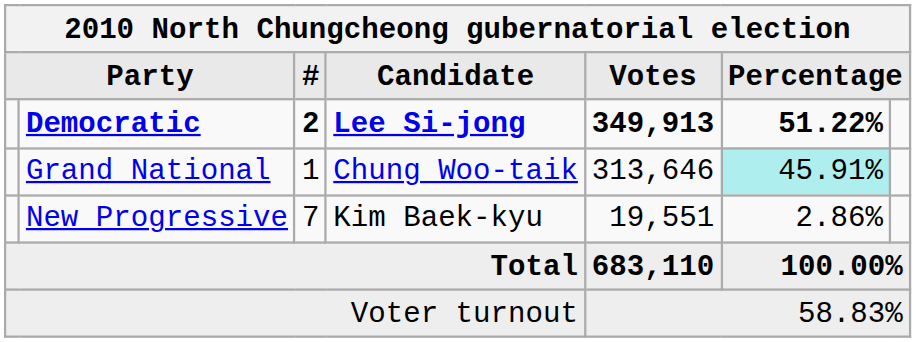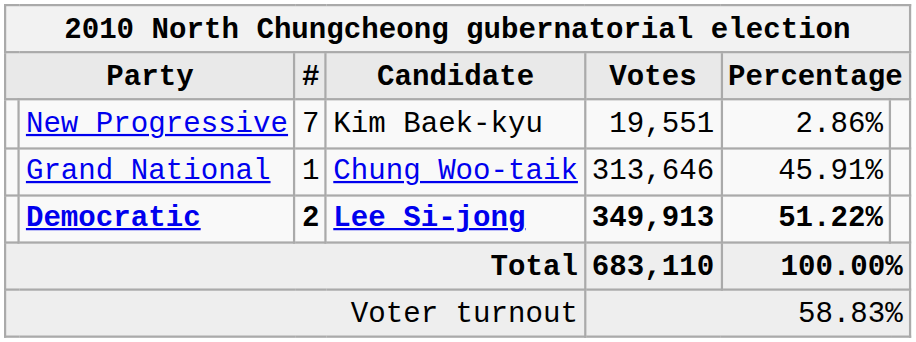 <table class="wikitable">
 <tr>
 <th colspan="7">2010 North Chungcheong gubernatorial election</th>
 </tr>
 <tr>
 <th style="background-color:#E9E9E9" colspan=2>Party</th>
 <th style="background-color:#E9E9E9">#</th>
 <th style="background-color:#E9E9E9">Candidate</th>
 <th style="background-color:#E9E9E9">Votes</th>
 <th style="background-color:#E9E9E9" colspan=2>Percentage</th>
 </tr>
-<tr style="font-weight:bold">
+<tr>
 <td></td>
-<td align=left><a href='#'>Democratic</a></td>
-<td align=center>2</td>
-<td align=left><a href='#'>Lee Si-jong</a></td>
-<td align=right>349,913</td>
-<td align=right>51.22%</td>
+<td align=left><a href='#'>New Progressive</a></td>
+<td align=center>7</td>
+<td align=left>Kim Baek-kyu</td>
+<td align=right>19,551</td>
+<td align=right>2.86%</td>
 <td align=right></td>
 </tr>
 <tr>
 <td></td>
 <td align=left><a href='#'>Grand National</a></td>
 <td align=center>1</td>
 <td align=left><a href='#'>Chung Woo-taik</a></td>
 <td align=right>313,646</td>
-<td align=right style="background: paleturquoise;">45.91%</td>
+<td align=right>45.91%</td>
 <td align=right></td>
 </tr>
-<tr>
+<tr style="font-weight:bold">
 <td></td>
-<td align=left><a href='#'>New Progressive</a></td>
-<td align=center>7</td>
-<td align=left>Kim Baek-kyu</td>
-<td align=right>19,551</td>
-<td align=right>2.86%</td>
+<td align=left><a href='#'>Democratic</a></td>
+<td align=center>2</td>
+<td align=left><a href='#'>Lee Si-jong</a></td>
+<td align=right>349,913</td>
+<td align=right>51.22%</td>
 <td align=right></td>
 </tr>
 <tr bgcolor="#EEEEEE" style="font-weight:bold">
 <td colspan="4" align=right>Total</td>
 <td align=right>683,110</td>
 <td align=right colspan=2>100.00%</td>
 </tr>
 <tr bgcolor="#EEEEEE">
 <td colspan="4" align="right">Voter turnout</td>
 <td colspan="3" align="right">58.83%</td>
 </tr>
 </table>
